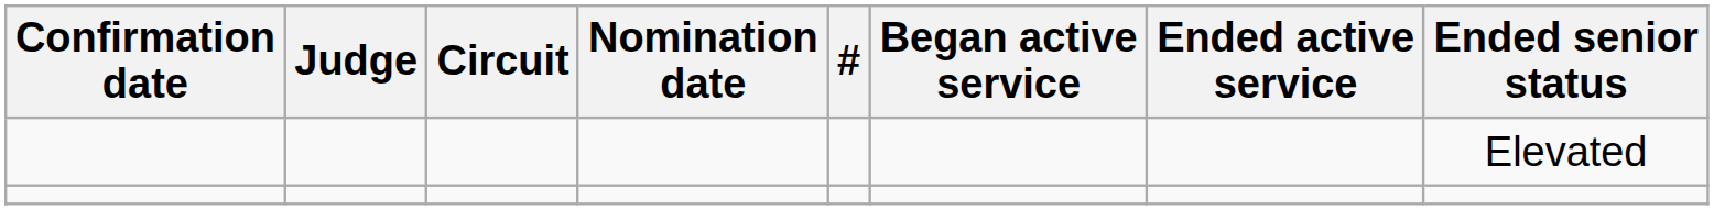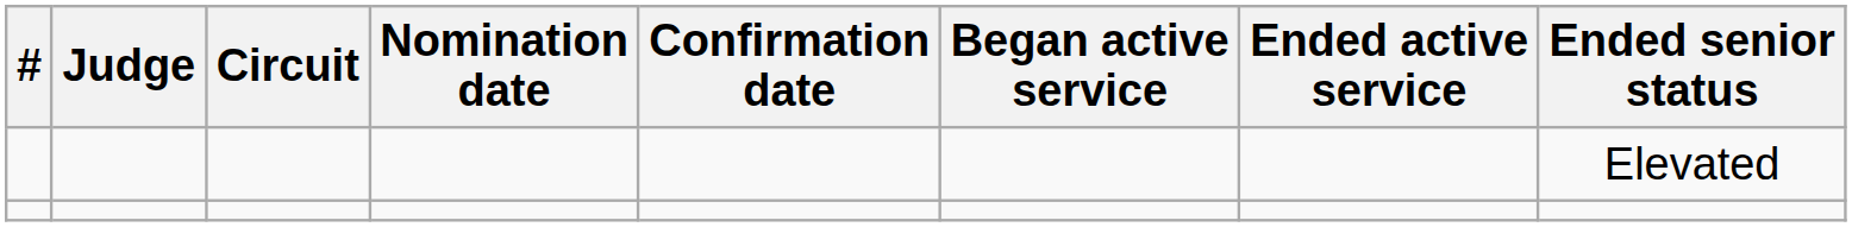 <table class="sortable wikitable">
 <tr bgcolor="#ececec">
-<th>Confirmation<br>date</th>
+<th>#</th>
 <th>Judge</th>
 <th>Circuit</th>
 <th>Nomination<br>date</th>
-<th>#</th>
+<th>Confirmation<br>date</th>
 <th>Began active<br>service</th>
 <th>Ended active<br>service</th>
 <th>Ended senior<br>status</th>
 </tr>
 <tr>
 <td></td>
 <td></td>
 <td></td>
 <td></td>
 <td></td>
 <td></td>
 <td></td>
 <td align="center">Elevated</td>
 </tr>
 <tr>
 <td></td>
 <td></td>
 <td></td>
 <td></td>
 <td></td>
 <td></td>
 <td></td>
 <td align="center"></td>
 </tr>
 </table>
